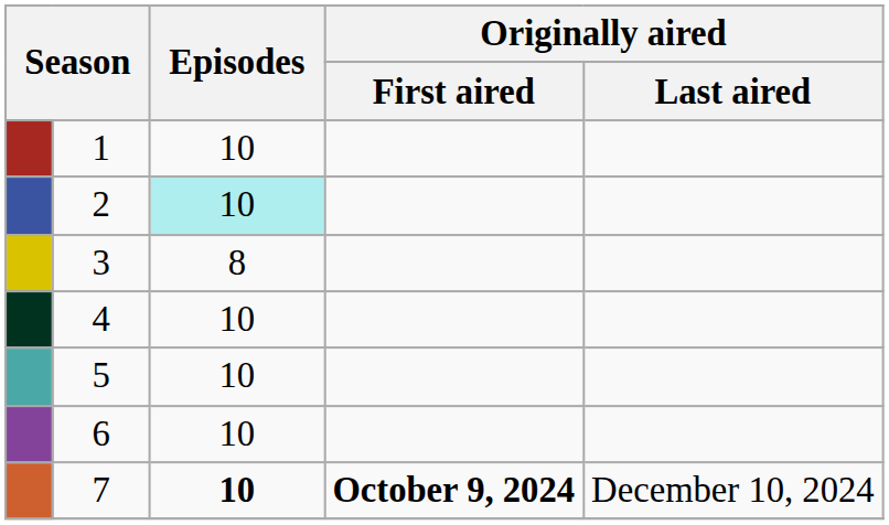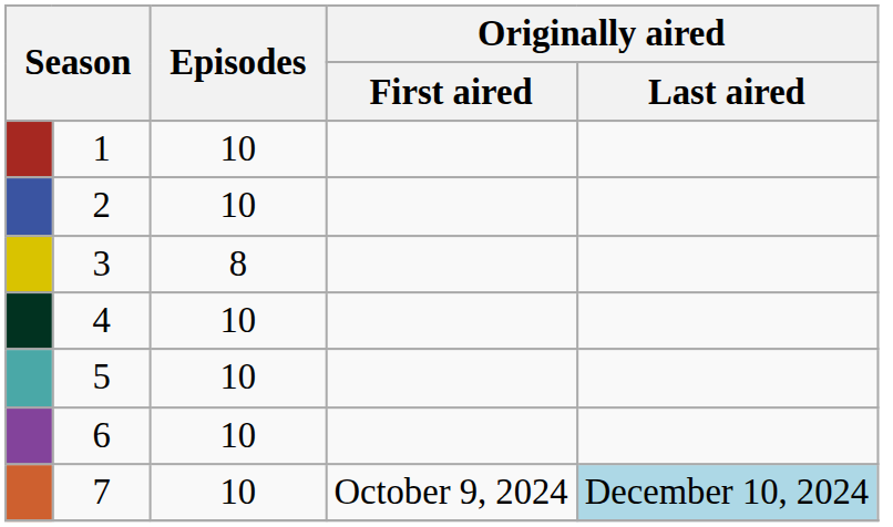 <table class="wikitable" style="text-align: center;">
 <tr>
 <th colspan="2" rowspan="2" style="padding: 0 8px;">Season</th>
 <th rowspan="2" style="padding: 0 8px;">Episodes</th>
 <th colspan="2">Originally aired</th>
 </tr>
 <tr>
 <th>First aired</th>
 <th>Last aired</th>
 </tr>
 <tr>
 <td style="background: #A62821;"></td>
 <td>1</td>
 <td>10</td>
 <td></td>
 <td></td>
 </tr>
 <tr>
 <td style="background: #3A54A1;"></td>
 <td>2</td>
-<td style="background: paleturquoise;">10</td>
+<td>10</td>
 <td style="padding: 0 8px;"></td>
 <td></td>
 </tr>
 <tr>
 <td style="background: #D9C300;"></td>
 <td>3</td>
 <td>8</td>
 <td style="padding: 0 8px;"></td>
 <td></td>
 </tr>
 <tr>
 <td style="background: #013220;"></td>
 <td>4</td>
 <td>10</td>
 <td></td>
 <td></td>
 </tr>
 <tr>
 <td style="background: #4AA8A7;"></td>
 <td>5</td>
 <td>10</td>
 <td></td>
 <td></td>
 </tr>
 <tr>
 <td style="background: #83439B;"></td>
 <td>6</td>
 <td>10</td>
 <td></td>
 <td></td>
 </tr>
 <tr>
 <td style="background: #ce602f;"></td>
 <td>7</td>
-<td><strong>10</strong></td>
-<td><strong>October 9, 2024</strong></td>
-<td>December 10, 2024</td>
+<td>10</td>
+<td>October 9, 2024</td>
+<td style="background: lightblue;">December 10, 2024</td>
 </tr>
 <tr>
 </tr>
 </table>
